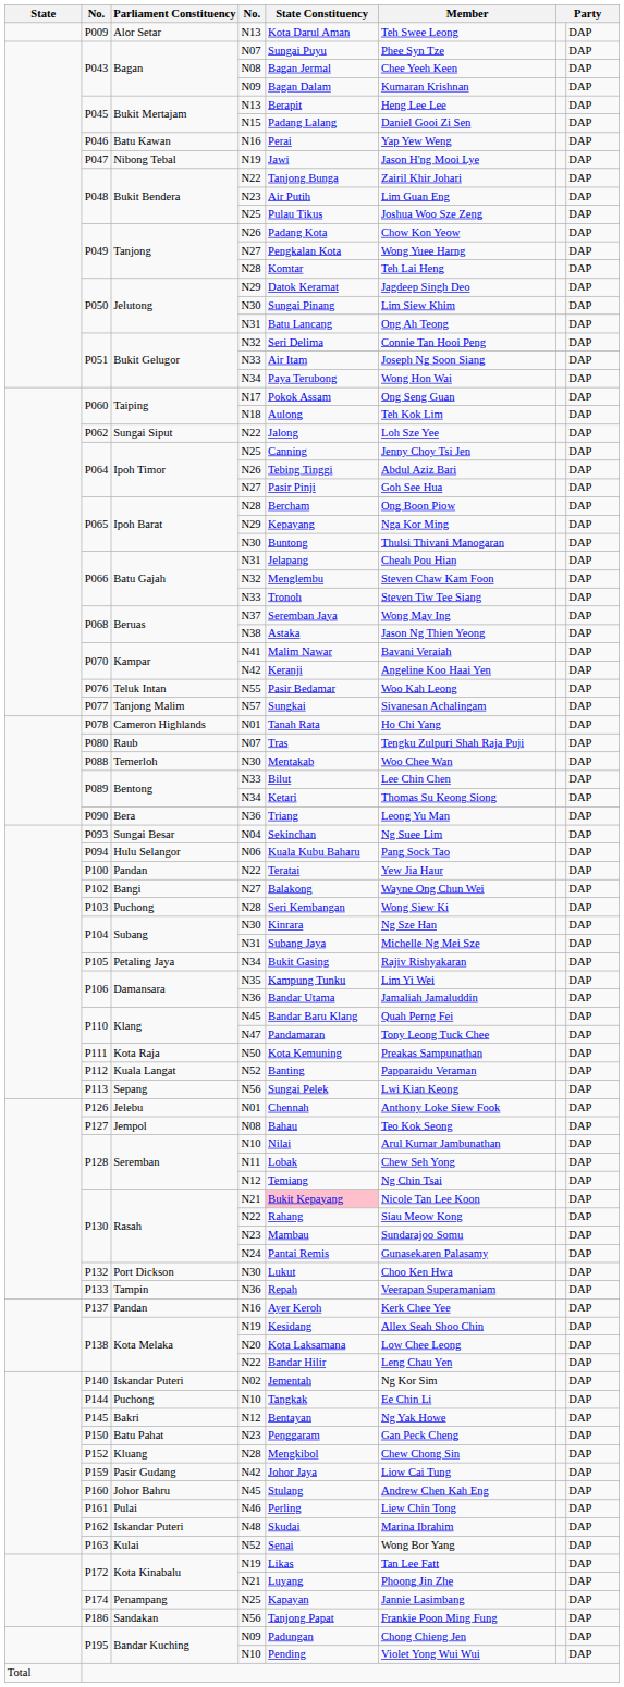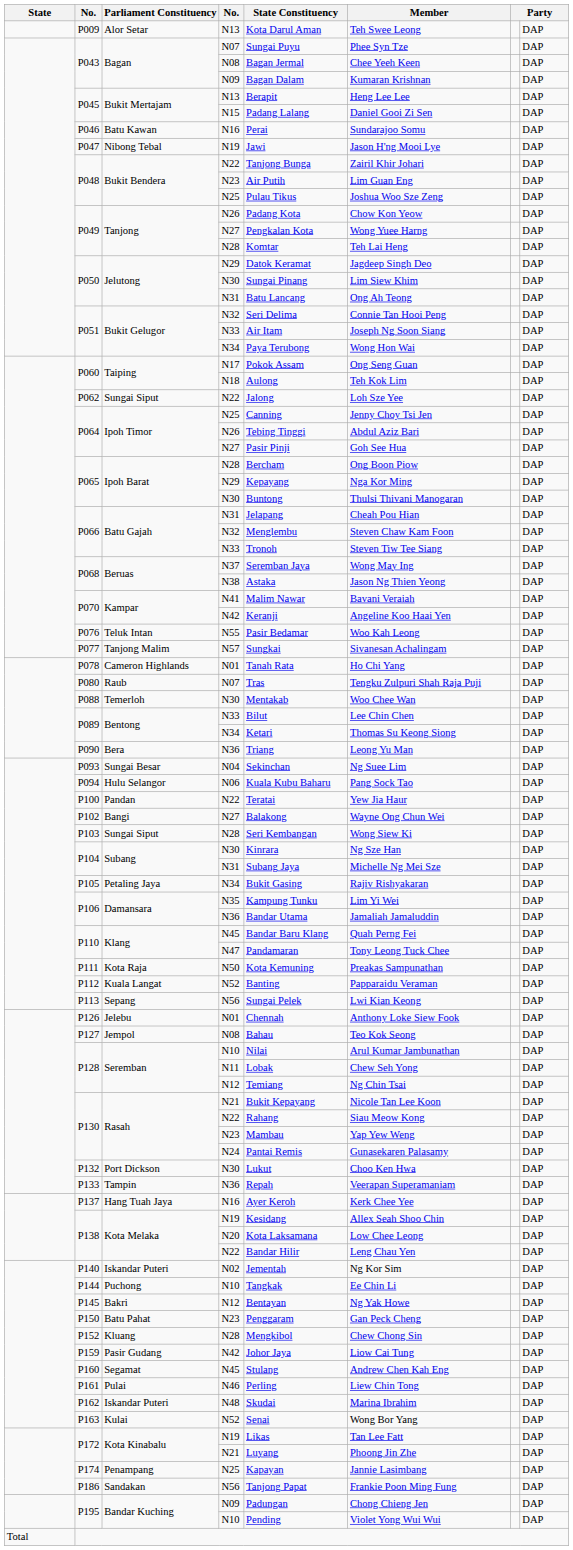 <table class ="wikitable sortable">
 <tr>
 <th style="width:100px;">State</th>
 <th>No.</th>
 <th>Parliament Constituency</th>
 <th style="width:30px;">No.</th>
 <th style="width:150px;">State Constituency</th>
 <th style="width:240px;">Member</th>
 <th style="width:80px;" colspan=2>Party</th>
 </tr>
 <tr>
 <td></td>
 <td>P009</td>
 <td>Alor Setar</td>
 <td>N13</td>
 <td><a href='#'>Kota Darul Aman</a></td>
 <td><a href='#'>Teh Swee Leong</a></td>
 <td></td>
 <td>DAP</td>
 </tr>
 <tr>
 <td rowspan=19></td>
 <td rowspan="3">P043</td>
 <td rowspan="3">Bagan</td>
 <td>N07</td>
 <td><a href='#'>Sungai Puyu</a></td>
 <td><a href='#'>Phee Syn Tze</a></td>
 <td></td>
 <td>DAP</td>
 </tr>
 <tr>
 <td>N08</td>
 <td><a href='#'>Bagan Jermal</a></td>
 <td><a href='#'>Chee Yeeh Keen</a></td>
 <td></td>
 <td>DAP</td>
 </tr>
 <tr>
 <td>N09</td>
 <td><a href='#'>Bagan Dalam</a></td>
 <td><a href='#'>Kumaran Krishnan</a></td>
 <td></td>
 <td>DAP</td>
 </tr>
 <tr>
 <td rowspan="2">P045</td>
 <td rowspan="2">Bukit Mertajam</td>
 <td>N13</td>
 <td><a href='#'>Berapit</a></td>
 <td><a href='#'>Heng Lee Lee</a></td>
 <td></td>
 <td>DAP</td>
 </tr>
 <tr>
 <td>N15</td>
 <td><a href='#'>Padang Lalang</a></td>
 <td><a href='#'>Daniel Gooi Zi Sen</a></td>
 <td></td>
 <td>DAP</td>
 </tr>
 <tr>
 <td>P046</td>
 <td>Batu Kawan</td>
 <td>N16</td>
 <td><a href='#'>Perai</a></td>
-<td><a href='#'>Yap Yew Weng</a></td>
+<td><a href='#'>Sundarajoo Somu</a></td>
 <td></td>
 <td>DAP</td>
 </tr>
 <tr>
 <td>P047</td>
 <td>Nibong Tebal</td>
 <td>N19</td>
 <td><a href='#'>Jawi</a></td>
 <td><a href='#'>Jason H'ng Mooi Lye</a></td>
 <td></td>
 <td>DAP</td>
 </tr>
 <tr>
 <td rowspan="3">P048</td>
 <td rowspan="3">Bukit Bendera</td>
 <td>N22</td>
 <td><a href='#'>Tanjong Bunga</a></td>
 <td><a href='#'>Zairil Khir Johari</a></td>
 <td></td>
 <td>DAP</td>
 </tr>
 <tr>
 <td>N23</td>
 <td><a href='#'>Air Putih</a></td>
 <td><a href='#'>Lim Guan Eng</a></td>
 <td></td>
 <td>DAP</td>
 </tr>
 <tr>
 <td>N25</td>
 <td><a href='#'>Pulau Tikus</a></td>
 <td><a href='#'>Joshua Woo Sze Zeng</a></td>
 <td></td>
 <td>DAP</td>
 </tr>
 <tr>
 <td rowspan="3">P049</td>
 <td rowspan="3">Tanjong</td>
 <td>N26</td>
 <td><a href='#'>Padang Kota</a></td>
 <td><a href='#'>Chow Kon Yeow</a></td>
 <td></td>
 <td>DAP</td>
 </tr>
 <tr>
 <td>N27</td>
 <td><a href='#'>Pengkalan Kota</a></td>
 <td><a href='#'>Wong Yuee Harng</a></td>
 <td></td>
 <td>DAP</td>
 </tr>
 <tr>
 <td>N28</td>
 <td><a href='#'>Komtar</a></td>
 <td><a href='#'>Teh Lai Heng</a></td>
 <td></td>
 <td>DAP</td>
 </tr>
 <tr>
 <td rowspan="3">P050</td>
 <td rowspan="3">Jelutong</td>
 <td>N29</td>
 <td><a href='#'>Datok Keramat</a></td>
 <td><a href='#'>Jagdeep Singh Deo</a></td>
 <td></td>
 <td>DAP</td>
 </tr>
 <tr>
 <td>N30</td>
 <td><a href='#'>Sungai Pinang</a></td>
 <td><a href='#'>Lim Siew Khim</a></td>
 <td></td>
 <td>DAP</td>
 </tr>
 <tr>
 <td>N31</td>
 <td><a href='#'>Batu Lancang</a></td>
 <td><a href='#'>Ong Ah Teong</a></td>
 <td></td>
 <td>DAP</td>
 </tr>
 <tr>
 <td rowspan="3">P051</td>
 <td rowspan="3">Bukit Gelugor</td>
 <td>N32</td>
 <td><a href='#'>Seri Delima</a></td>
 <td><a href='#'>Connie Tan Hooi Peng</a></td>
 <td></td>
 <td>DAP</td>
 </tr>
 <tr>
 <td>N33</td>
 <td><a href='#'>Air Itam</a></td>
 <td><a href='#'>Joseph Ng Soon Siang</a></td>
 <td></td>
 <td>DAP</td>
 </tr>
 <tr>
 <td>N34</td>
 <td><a href='#'>Paya Terubong</a></td>
 <td><a href='#'>Wong Hon Wai</a></td>
 <td></td>
 <td>DAP</td>
 </tr>
 <tr>
 <td rowspan=18></td>
 <td rowspan="2">P060</td>
 <td rowspan="2">Taiping</td>
 <td>N17</td>
 <td><a href='#'>Pokok Assam</a></td>
 <td><a href='#'>Ong Seng Guan</a></td>
 <td></td>
 <td>DAP</td>
 </tr>
 <tr>
 <td>N18</td>
 <td><a href='#'>Aulong</a></td>
 <td><a href='#'>Teh Kok Lim</a></td>
 <td></td>
 <td>DAP</td>
 </tr>
 <tr>
 <td>P062</td>
 <td>Sungai Siput</td>
 <td>N22</td>
 <td><a href='#'>Jalong</a></td>
 <td><a href='#'>Loh Sze Yee</a></td>
 <td></td>
 <td>DAP</td>
 </tr>
 <tr>
 <td rowspan="3">P064</td>
 <td rowspan="3">Ipoh Timor</td>
 <td>N25</td>
 <td><a href='#'>Canning</a></td>
 <td><a href='#'>Jenny Choy Tsi Jen</a></td>
 <td></td>
 <td>DAP</td>
 </tr>
 <tr>
 <td>N26</td>
 <td><a href='#'>Tebing Tinggi</a></td>
 <td><a href='#'>Abdul Aziz Bari</a></td>
 <td></td>
 <td>DAP</td>
 </tr>
 <tr>
 <td>N27</td>
 <td><a href='#'>Pasir Pinji</a></td>
 <td><a href='#'>Goh See Hua</a></td>
 <td></td>
 <td>DAP</td>
 </tr>
 <tr>
 <td rowspan="3">P065</td>
 <td rowspan="3">Ipoh Barat</td>
 <td>N28</td>
 <td><a href='#'>Bercham</a></td>
 <td><a href='#'>Ong Boon Piow</a></td>
 <td></td>
 <td>DAP</td>
 </tr>
 <tr>
 <td>N29</td>
 <td><a href='#'>Kepayang</a></td>
 <td><a href='#'>Nga Kor Ming</a></td>
 <td></td>
 <td>DAP</td>
 </tr>
 <tr>
 <td>N30</td>
 <td><a href='#'>Buntong</a></td>
 <td><a href='#'>Thulsi Thivani Manogaran</a></td>
 <td></td>
 <td>DAP</td>
 </tr>
 <tr>
 <td rowspan="3">P066</td>
 <td rowspan="3">Batu Gajah</td>
 <td>N31</td>
 <td><a href='#'>Jelapang</a></td>
 <td><a href='#'>Cheah Pou Hian</a></td>
 <td></td>
 <td>DAP</td>
 </tr>
 <tr>
 <td>N32</td>
 <td><a href='#'>Menglembu</a></td>
 <td><a href='#'>Steven Chaw Kam Foon</a></td>
 <td></td>
 <td>DAP</td>
 </tr>
 <tr>
 <td>N33</td>
 <td><a href='#'>Tronoh</a></td>
 <td><a href='#'>Steven Tiw Tee Siang</a></td>
 <td></td>
 <td>DAP</td>
 </tr>
 <tr>
 <td rowspan="2">P068</td>
 <td rowspan="2">Beruas</td>
 <td>N37</td>
 <td><a href='#'>Seremban Jaya</a></td>
 <td><a href='#'>Wong May Ing</a></td>
 <td></td>
 <td>DAP</td>
 </tr>
 <tr>
 <td>N38</td>
 <td><a href='#'>Astaka</a></td>
 <td><a href='#'>Jason Ng Thien Yeong</a></td>
 <td></td>
 <td>DAP</td>
 </tr>
 <tr>
 <td rowspan="2">P070</td>
 <td rowspan="2">Kampar</td>
 <td>N41</td>
 <td><a href='#'>Malim Nawar</a></td>
 <td><a href='#'>Bavani Veraiah</a></td>
 <td></td>
 <td>DAP</td>
 </tr>
 <tr>
 <td>N42</td>
 <td><a href='#'>Keranji</a></td>
 <td><a href='#'>Angeline Koo Haai Yen</a></td>
 <td></td>
 <td>DAP</td>
 </tr>
 <tr>
 <td>P076</td>
 <td>Teluk Intan</td>
 <td>N55</td>
 <td><a href='#'>Pasir Bedamar</a></td>
 <td><a href='#'>Woo Kah Leong</a></td>
 <td></td>
 <td>DAP</td>
 </tr>
 <tr>
 <td>P077</td>
 <td>Tanjong Malim</td>
 <td>N57</td>
 <td><a href='#'>Sungkai</a></td>
 <td><a href='#'>Sivanesan Achalingam</a></td>
 <td></td>
 <td>DAP</td>
 </tr>
 <tr>
 <td rowspan=6></td>
 <td>P078</td>
 <td>Cameron Highlands</td>
 <td>N01</td>
 <td><a href='#'>Tanah Rata</a></td>
 <td><a href='#'>Ho Chi Yang</a></td>
 <td></td>
 <td>DAP</td>
 </tr>
 <tr>
 <td>P080</td>
 <td>Raub</td>
 <td>N07</td>
 <td><a href='#'>Tras</a></td>
 <td><a href='#'>Tengku Zulpuri Shah Raja Puji</a></td>
 <td></td>
 <td>DAP</td>
 </tr>
 <tr>
 <td>P088</td>
 <td>Temerloh</td>
 <td>N30</td>
 <td><a href='#'>Mentakab</a></td>
 <td><a href='#'>Woo Chee Wan</a></td>
 <td></td>
 <td>DAP</td>
 </tr>
 <tr>
 <td rowspan="2">P089</td>
 <td rowspan="2">Bentong</td>
 <td>N33</td>
 <td><a href='#'>Bilut</a></td>
 <td><a href='#'>Lee Chin Chen</a></td>
 <td></td>
 <td>DAP</td>
 </tr>
 <tr>
 <td>N34</td>
 <td><a href='#'>Ketari</a></td>
 <td><a href='#'>Thomas Su Keong Siong</a></td>
 <td></td>
 <td>DAP</td>
 </tr>
 <tr>
 <td>P090</td>
 <td>Bera</td>
 <td>N36</td>
 <td><a href='#'>Triang</a></td>
 <td><a href='#'>Leong Yu Man</a></td>
 <td></td>
 <td>DAP</td>
 </tr>
 <tr>
 <td rowspan=15></td>
 <td>P093</td>
 <td>Sungai Besar</td>
 <td>N04</td>
 <td><a href='#'>Sekinchan</a></td>
 <td><a href='#'>Ng Suee Lim</a></td>
 <td></td>
 <td>DAP</td>
 </tr>
 <tr>
 <td>P094</td>
 <td>Hulu Selangor</td>
 <td>N06</td>
 <td><a href='#'>Kuala Kubu Baharu</a></td>
 <td><a href='#'>Pang Sock Tao</a></td>
 <td></td>
 <td>DAP</td>
 </tr>
 <tr>
 <td>P100</td>
 <td>Pandan</td>
 <td>N22</td>
 <td><a href='#'>Teratai</a></td>
 <td><a href='#'>Yew Jia Haur</a></td>
 <td></td>
 <td>DAP</td>
 </tr>
 <tr>
 <td>P102</td>
 <td>Bangi</td>
 <td>N27</td>
 <td><a href='#'>Balakong</a></td>
 <td><a href='#'>Wayne Ong Chun Wei</a></td>
 <td></td>
 <td>DAP</td>
 </tr>
 <tr>
 <td>P103</td>
-<td>Puchong</td>
+<td>Sungai Siput</td>
 <td>N28</td>
 <td><a href='#'>Seri Kembangan</a></td>
 <td><a href='#'>Wong Siew Ki</a></td>
 <td></td>
 <td>DAP</td>
 </tr>
 <tr>
 <td rowspan="2">P104</td>
 <td rowspan="2">Subang</td>
 <td>N30</td>
 <td><a href='#'>Kinrara</a></td>
 <td><a href='#'>Ng Sze Han</a></td>
 <td></td>
 <td>DAP</td>
 </tr>
 <tr>
 <td>N31</td>
 <td><a href='#'>Subang Jaya</a></td>
 <td><a href='#'>Michelle Ng Mei Sze</a></td>
 <td></td>
 <td>DAP</td>
 </tr>
 <tr>
 <td>P105</td>
 <td>Petaling Jaya</td>
 <td>N34</td>
 <td><a href='#'>Bukit Gasing</a></td>
 <td><a href='#'>Rajiv Rishyakaran</a></td>
 <td></td>
 <td>DAP</td>
 </tr>
 <tr>
 <td rowspan="2">P106</td>
 <td rowspan="2">Damansara</td>
 <td>N35</td>
 <td><a href='#'>Kampung Tunku</a></td>
 <td><a href='#'>Lim Yi Wei</a></td>
 <td></td>
 <td>DAP</td>
 </tr>
 <tr>
 <td>N36</td>
 <td><a href='#'>Bandar Utama</a></td>
 <td><a href='#'>Jamaliah Jamaluddin</a></td>
 <td></td>
 <td>DAP</td>
 </tr>
 <tr>
 <td rowspan="2">P110</td>
 <td rowspan="2">Klang</td>
 <td>N45</td>
 <td><a href='#'>Bandar Baru Klang</a></td>
 <td><a href='#'>Quah Perng Fei</a></td>
 <td></td>
 <td>DAP</td>
 </tr>
 <tr>
 <td>N47</td>
 <td><a href='#'>Pandamaran</a></td>
 <td><a href='#'>Tony Leong Tuck Chee</a></td>
 <td></td>
 <td>DAP</td>
 </tr>
 <tr>
 <td>P111</td>
 <td>Kota Raja</td>
 <td>N50</td>
 <td><a href='#'>Kota Kemuning</a></td>
 <td><a href='#'>Preakas Sampunathan</a></td>
 <td></td>
 <td>DAP</td>
 </tr>
 <tr>
 <td>P112</td>
 <td>Kuala Langat</td>
 <td>N52</td>
 <td><a href='#'>Banting</a></td>
 <td><a href='#'>Papparaidu Veraman</a></td>
 <td></td>
 <td>DAP</td>
 </tr>
 <tr>
 <td>P113</td>
 <td>Sepang</td>
 <td>N56</td>
 <td><a href='#'>Sungai Pelek</a></td>
 <td><a href='#'>Lwi Kian Keong</a></td>
 <td></td>
 <td>DAP</td>
 </tr>
 <tr>
 <td rowspan=11></td>
 <td>P126</td>
 <td>Jelebu</td>
 <td>N01</td>
 <td><a href='#'>Chennah</a></td>
 <td><a href='#'>Anthony Loke Siew Fook</a></td>
 <td></td>
 <td>DAP</td>
 </tr>
 <tr>
 <td>P127</td>
 <td>Jempol</td>
 <td>N08</td>
 <td><a href='#'>Bahau</a></td>
 <td><a href='#'>Teo Kok Seong</a></td>
 <td></td>
 <td>DAP</td>
 </tr>
 <tr>
 <td rowspan="3">P128</td>
 <td rowspan="3">Seremban</td>
 <td>N10</td>
 <td><a href='#'>Nilai</a></td>
 <td><a href='#'>Arul Kumar Jambunathan</a></td>
 <td></td>
 <td>DAP</td>
 </tr>
 <tr>
 <td>N11</td>
 <td><a href='#'>Lobak</a></td>
 <td><a href='#'>Chew Seh Yong</a></td>
 <td></td>
 <td>DAP</td>
 </tr>
 <tr>
 <td>N12</td>
 <td><a href='#'>Temiang</a></td>
 <td><a href='#'>Ng Chin Tsai</a></td>
 <td></td>
 <td>DAP</td>
 </tr>
 <tr>
 <td rowspan="4">P130</td>
 <td rowspan="4">Rasah</td>
 <td>N21</td>
-<td style="background: pink;"><a href='#'>Bukit Kepayang</a></td>
+<td><a href='#'>Bukit Kepayang</a></td>
 <td><a href='#'>Nicole Tan Lee Koon</a></td>
 <td></td>
 <td>DAP</td>
 </tr>
 <tr>
 <td>N22</td>
 <td><a href='#'>Rahang</a></td>
 <td><a href='#'>Siau Meow Kong</a></td>
 <td></td>
 <td>DAP</td>
 </tr>
 <tr>
 <td>N23</td>
 <td><a href='#'>Mambau</a></td>
-<td><a href='#'>Sundarajoo Somu</a></td>
+<td><a href='#'>Yap Yew Weng</a></td>
 <td></td>
 <td>DAP</td>
 </tr>
 <tr>
 <td>N24</td>
 <td><a href='#'>Pantai Remis</a></td>
 <td><a href='#'>Gunasekaren Palasamy</a></td>
 <td></td>
 <td>DAP</td>
 </tr>
 <tr>
 <td>P132</td>
 <td>Port Dickson</td>
 <td>N30</td>
 <td><a href='#'>Lukut</a></td>
 <td><a href='#'>Choo Ken Hwa</a></td>
 <td></td>
 <td>DAP</td>
 </tr>
 <tr>
 <td>P133</td>
 <td>Tampin</td>
 <td>N36</td>
 <td><a href='#'>Repah</a></td>
 <td><a href='#'>Veerapan Superamaniam</a></td>
 <td></td>
 <td>DAP</td>
 </tr>
 <tr>
 <td rowspan=4></td>
 <td>P137</td>
-<td>Pandan</td>
+<td>Hang Tuah Jaya</td>
 <td>N16</td>
 <td><a href='#'>Ayer Keroh</a></td>
 <td><a href='#'>Kerk Chee Yee</a></td>
 <td></td>
 <td>DAP</td>
 </tr>
 <tr>
 <td rowspan="3">P138</td>
 <td rowspan="3">Kota Melaka</td>
 <td>N19</td>
 <td><a href='#'>Kesidang</a></td>
 <td><a href='#'>Allex Seah Shoo Chin</a></td>
 <td></td>
 <td>DAP</td>
 </tr>
 <tr>
 <td>N20</td>
 <td><a href='#'>Kota Laksamana</a></td>
 <td><a href='#'>Low Chee Leong</a></td>
 <td></td>
 <td>DAP</td>
 </tr>
 <tr>
 <td>N22</td>
 <td><a href='#'>Bandar Hilir</a></td>
 <td><a href='#'>Leng Chau Yen</a></td>
 <td></td>
 <td>DAP</td>
 </tr>
 <tr>
 <td rowspan=10></td>
 <td>P140</td>
 <td>Iskandar Puteri</td>
 <td>N02</td>
 <td><a href='#'>Jementah</a></td>
 <td>Ng Kor Sim</td>
 <td></td>
 <td>DAP</td>
 </tr>
 <tr>
 <td>P144</td>
 <td>Puchong</td>
 <td>N10</td>
 <td><a href='#'>Tangkak</a></td>
 <td><a href='#'>Ee Chin Li</a></td>
 <td></td>
 <td>DAP</td>
 </tr>
 <tr>
 <td>P145</td>
 <td>Bakri</td>
 <td>N12</td>
 <td><a href='#'>Bentayan</a></td>
 <td><a href='#'>Ng Yak Howe</a></td>
 <td></td>
 <td>DAP</td>
 </tr>
 <tr>
 <td>P150</td>
 <td>Batu Pahat</td>
 <td>N23</td>
 <td><a href='#'>Penggaram</a></td>
 <td><a href='#'>Gan Peck Cheng</a></td>
 <td></td>
 <td>DAP</td>
 </tr>
 <tr>
 <td>P152</td>
 <td>Kluang</td>
 <td>N28</td>
 <td><a href='#'>Mengkibol</a></td>
 <td><a href='#'>Chew Chong Sin</a></td>
 <td></td>
 <td>DAP</td>
 </tr>
 <tr>
 <td>P159</td>
 <td>Pasir Gudang</td>
 <td>N42</td>
 <td><a href='#'>Johor Jaya</a></td>
 <td><a href='#'>Liow Cai Tung</a></td>
 <td></td>
 <td>DAP</td>
 </tr>
 <tr>
 <td>P160</td>
-<td>Johor Bahru</td>
+<td>Segamat</td>
 <td>N45</td>
 <td><a href='#'>Stulang</a></td>
 <td><a href='#'>Andrew Chen Kah Eng</a></td>
 <td></td>
 <td>DAP</td>
 </tr>
 <tr>
 <td>P161</td>
 <td>Pulai</td>
 <td>N46</td>
 <td><a href='#'>Perling</a></td>
 <td><a href='#'>Liew Chin Tong</a></td>
 <td></td>
 <td>DAP</td>
 </tr>
 <tr>
 <td>P162</td>
 <td>Iskandar Puteri</td>
 <td>N48</td>
 <td><a href='#'>Skudai</a></td>
 <td><a href='#'>Marina Ibrahim</a></td>
 <td></td>
 <td>DAP</td>
 </tr>
 <tr>
 <td>P163</td>
 <td>Kulai</td>
 <td>N52</td>
 <td><a href='#'>Senai</a></td>
 <td>Wong Bor Yang</td>
 <td></td>
 <td>DAP</td>
 </tr>
 <tr>
 <td rowspan=4></td>
 <td rowspan="2">P172</td>
 <td rowspan="2">Kota Kinabalu</td>
 <td>N19</td>
 <td><a href='#'>Likas</a></td>
 <td><a href='#'>Tan Lee Fatt</a></td>
 <td></td>
 <td>DAP</td>
 </tr>
 <tr>
 <td>N21</td>
 <td><a href='#'>Luyang</a></td>
 <td><a href='#'>Phoong Jin Zhe</a></td>
 <td></td>
 <td>DAP</td>
 </tr>
 <tr>
 <td>P174</td>
 <td>Penampang</td>
 <td>N25</td>
 <td><a href='#'>Kapayan</a></td>
 <td><a href='#'>Jannie Lasimbang</a></td>
 <td></td>
 <td>DAP</td>
 </tr>
 <tr>
 <td>P186</td>
 <td>Sandakan</td>
 <td>N56</td>
 <td><a href='#'>Tanjong Papat</a></td>
 <td><a href='#'>Frankie Poon Ming Fung</a></td>
 <td></td>
 <td>DAP</td>
 </tr>
 <tr>
 <td rowspan=2></td>
 <td rowspan=2>P195</td>
 <td rowspan=2>Bandar Kuching</td>
 <td>N09</td>
 <td><a href='#'>Padungan</a></td>
 <td><a href='#'>Chong Chieng Jen</a></td>
 <td></td>
 <td>DAP</td>
 </tr>
 <tr>
 <td>N10</td>
 <td><a href='#'>Pending</a></td>
 <td><a href='#'>Violet Yong Wui Wui</a></td>
 <td></td>
 <td>DAP</td>
 </tr>
 <tr>
 <td>Total</td>
 <td colspan="7"></td>
 </tr>
 </table>
